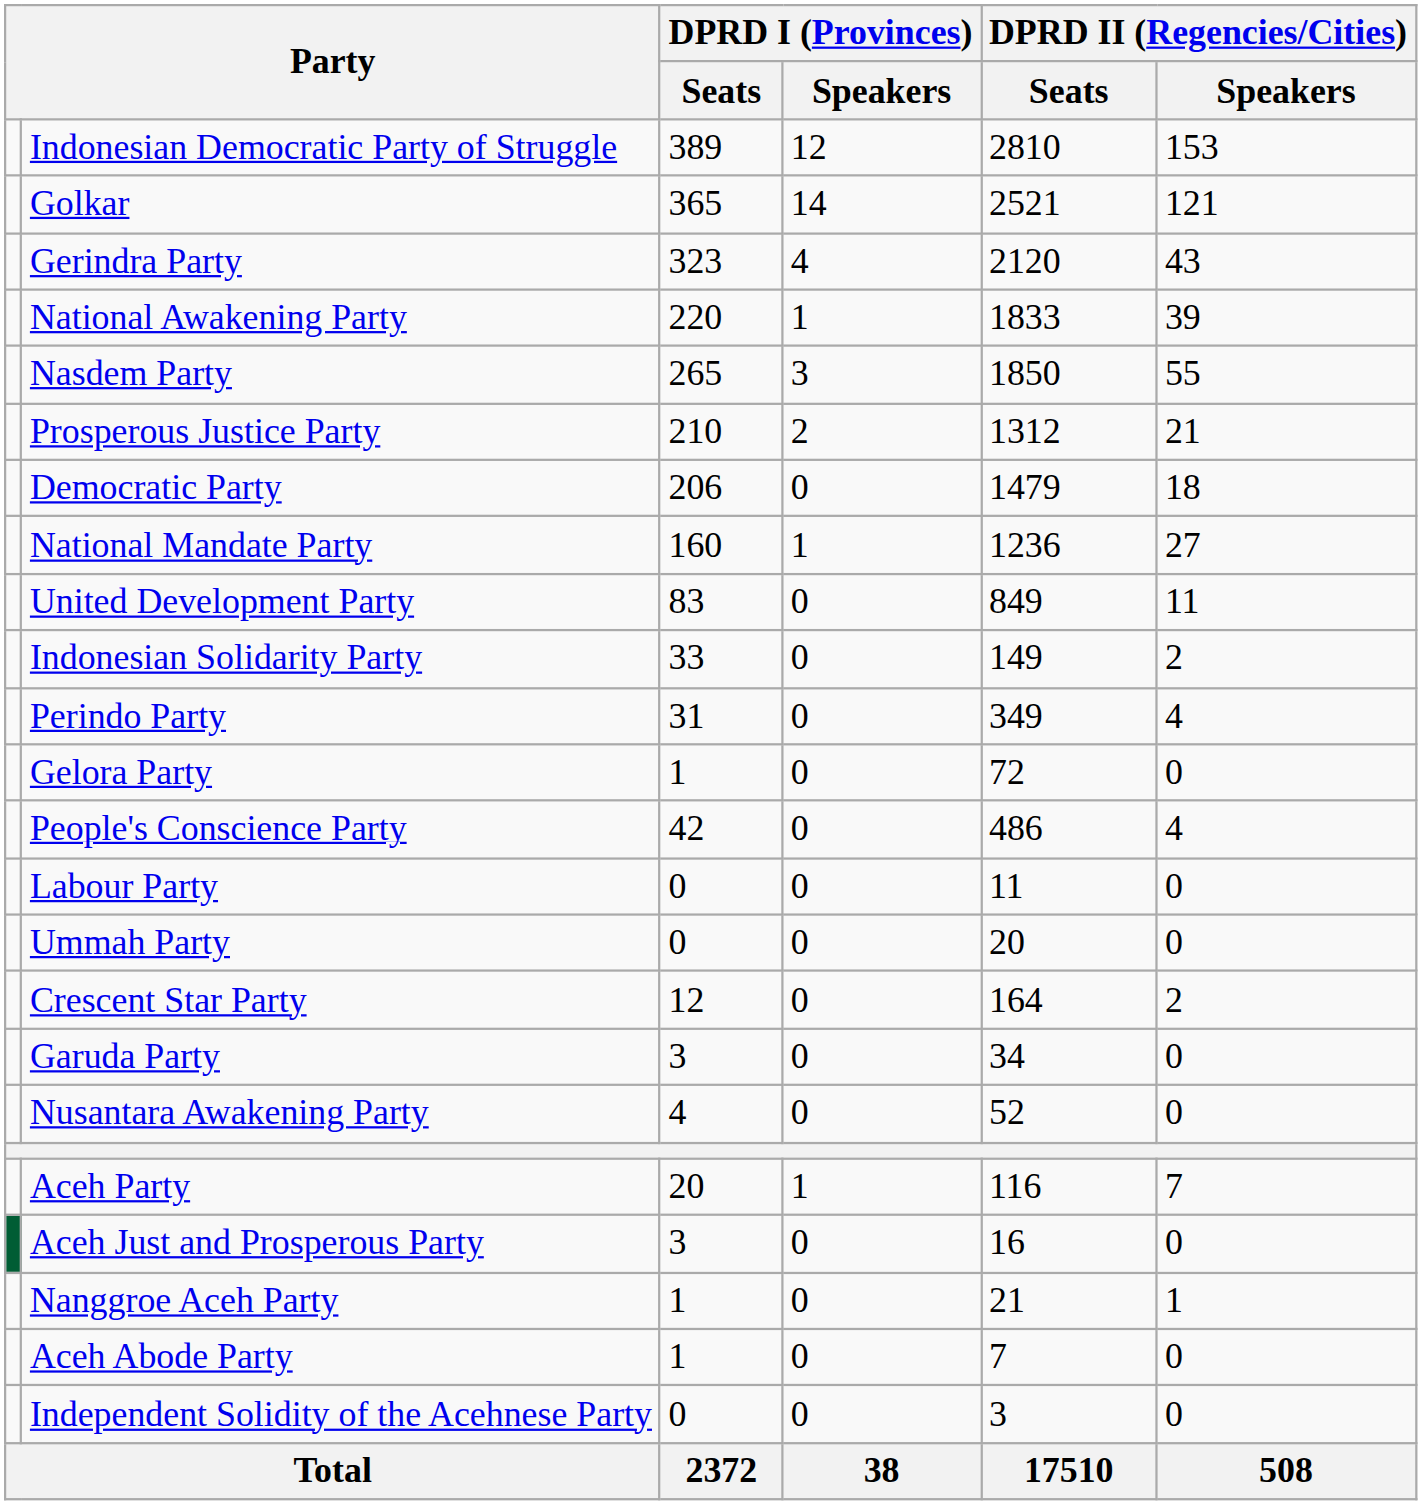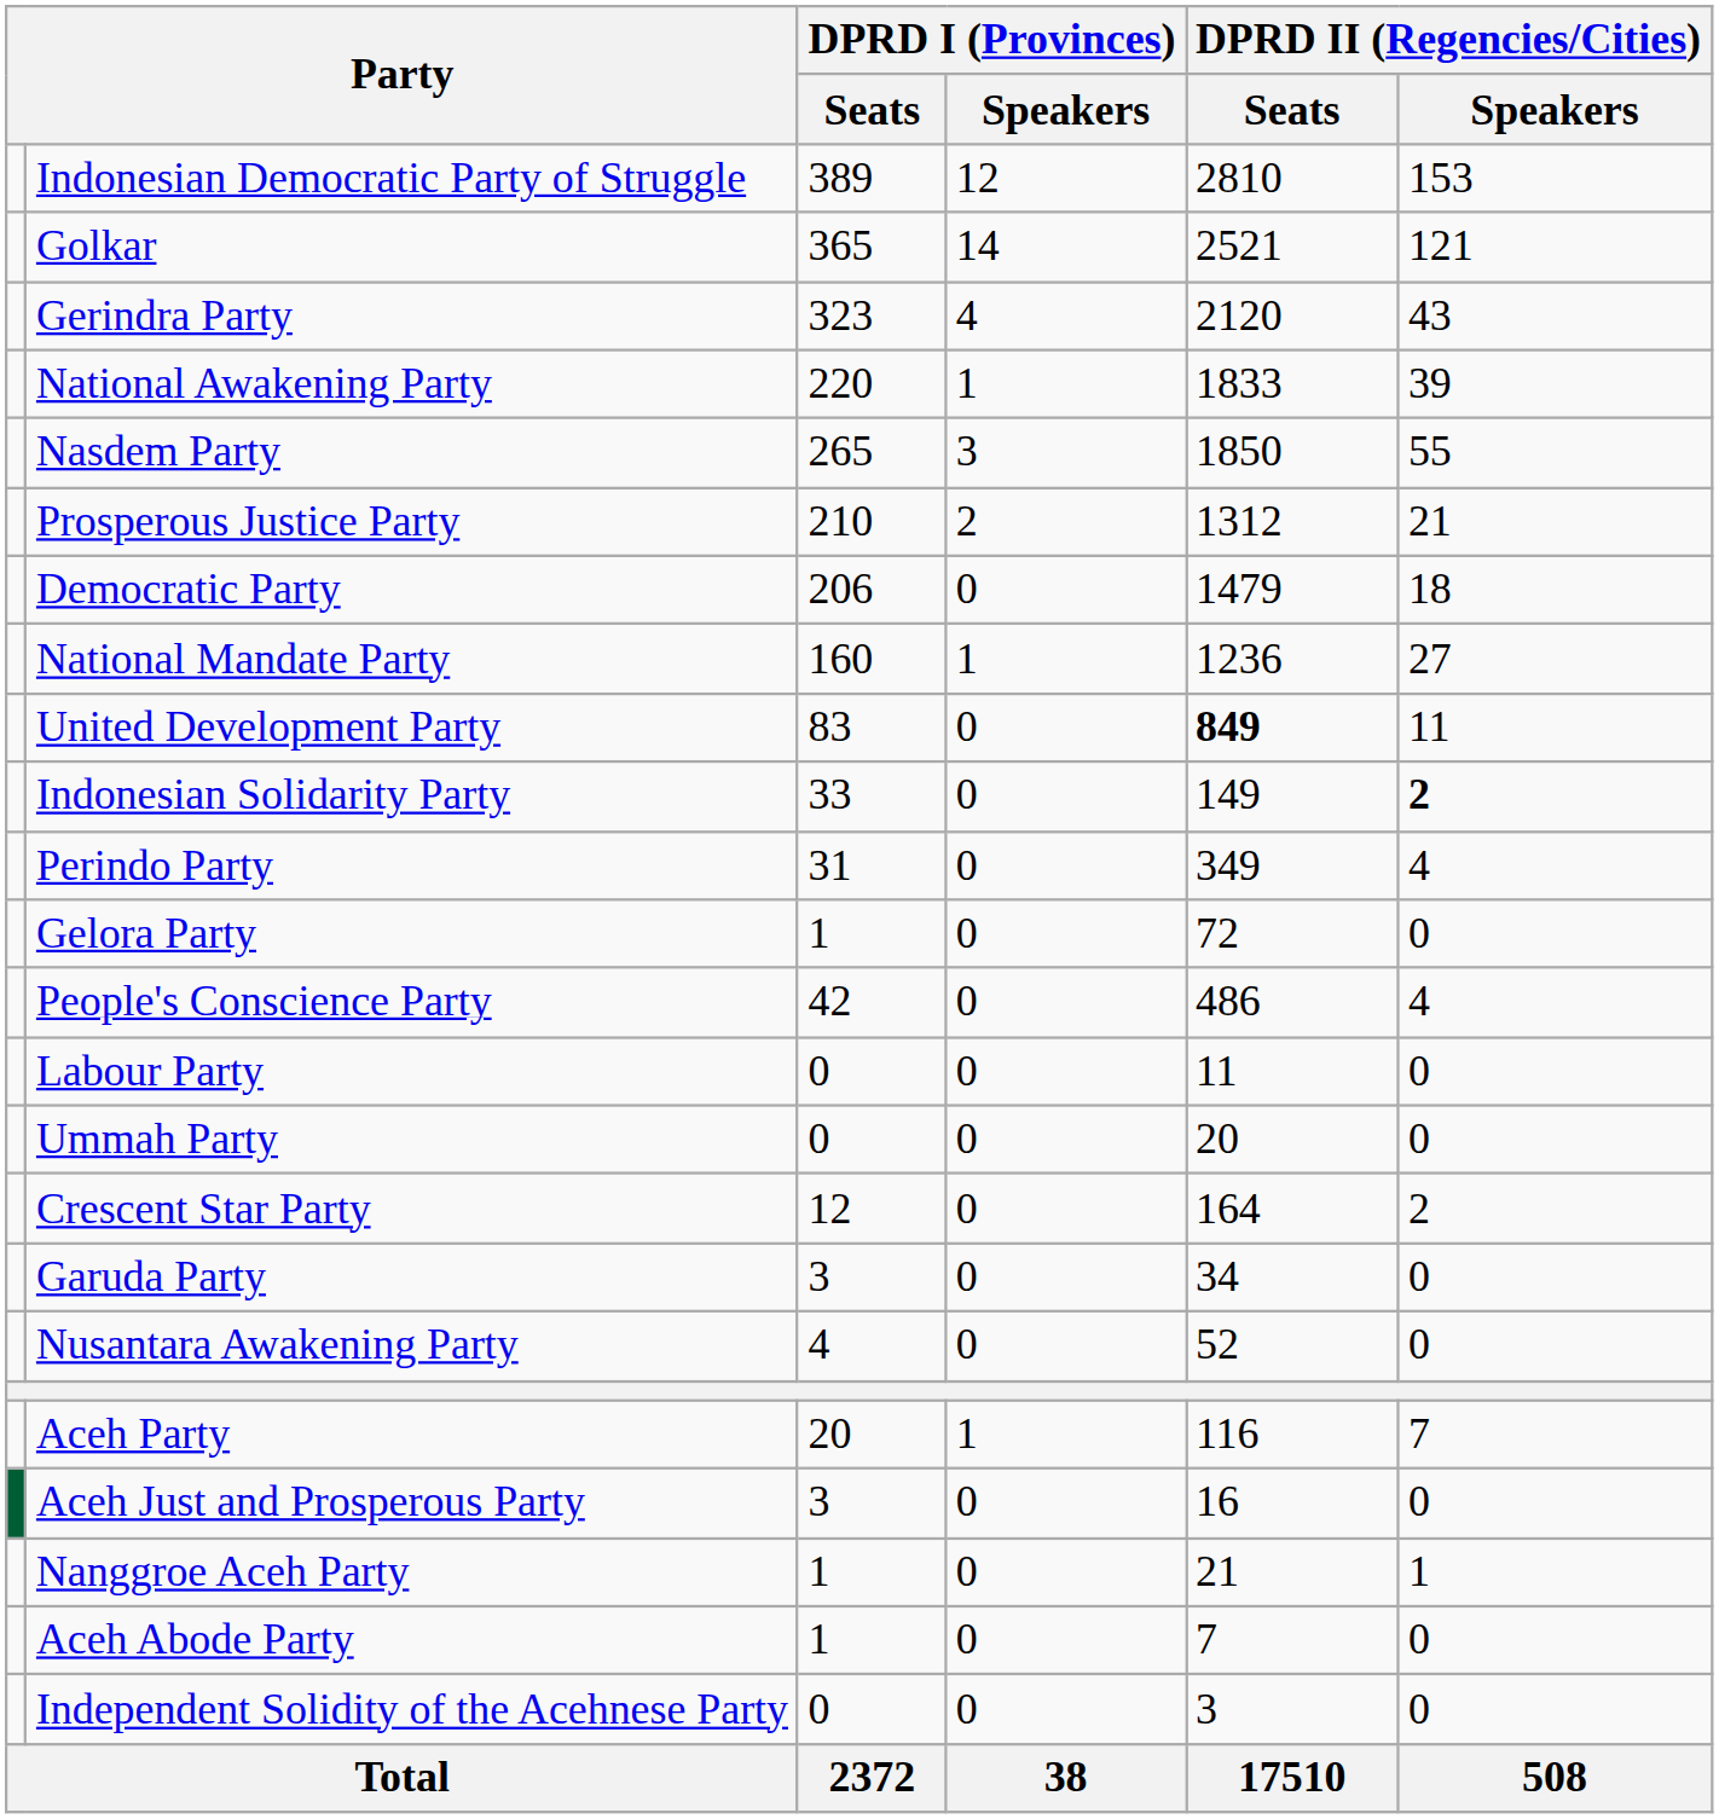 <table class="wikitable sortable">
 <tr>
 <th rowspan=2 colspan=2>Party</th>
 <th colspan=2>DPRD I (<a href='#'>Provinces</a>)</th>
 <th colspan=2>DPRD II (<a href='#'>Regencies/Cities</a>)</th>
 </tr>
 <tr>
 <th>Seats</th>
 <th>Speakers</th>
 <th>Seats</th>
 <th>Speakers</th>
 </tr>
 <tr>
 <td style="background-color: "></td>
 <td><a href='#'>Indonesian Democratic Party of Struggle</a></td>
 <td>389</td>
 <td>12</td>
 <td>2810</td>
 <td>153</td>
 </tr>
 <tr>
 <td style="background-color: "></td>
 <td><a href='#'>Golkar</a></td>
 <td>365</td>
 <td>14</td>
 <td>2521</td>
 <td>121</td>
 </tr>
 <tr>
 <td style="background-color: "></td>
 <td><a href='#'>Gerindra Party</a></td>
 <td>323</td>
 <td>4</td>
 <td>2120</td>
 <td>43</td>
 </tr>
 <tr>
 <td style="background-color: "></td>
 <td><a href='#'>National Awakening Party</a></td>
 <td>220</td>
 <td>1</td>
 <td>1833</td>
 <td>39</td>
 </tr>
 <tr>
 <td style="background-color: "></td>
 <td><a href='#'>Nasdem Party</a></td>
 <td>265</td>
 <td>3</td>
 <td>1850</td>
 <td>55</td>
 </tr>
 <tr>
 <td style="background-color: "></td>
 <td><a href='#'>Prosperous Justice Party</a></td>
 <td>210</td>
 <td>2</td>
 <td>1312</td>
 <td>21</td>
 </tr>
 <tr>
 <td style="background-color: "></td>
 <td><a href='#'>Democratic Party</a></td>
 <td>206</td>
 <td>0</td>
 <td>1479</td>
 <td>18</td>
 </tr>
 <tr>
 <td style="background-color: "></td>
 <td><a href='#'>National Mandate Party</a></td>
 <td>160</td>
 <td>1</td>
 <td>1236</td>
 <td>27</td>
 </tr>
 <tr>
 <td style="background-color: "></td>
 <td><a href='#'>United Development Party</a></td>
 <td>83</td>
 <td>0</td>
-<td>849</td>
+<td><strong>849</strong></td>
 <td>11</td>
 </tr>
 <tr>
 <td style="background-color: "></td>
 <td><a href='#'>Indonesian Solidarity Party</a></td>
 <td>33</td>
 <td>0</td>
 <td>149</td>
-<td>2</td>
+<td><strong>2</strong></td>
 </tr>
 <tr>
 <td style="background-color: "></td>
 <td><a href='#'>Perindo Party</a></td>
 <td>31</td>
 <td>0</td>
 <td>349</td>
 <td>4</td>
 </tr>
 <tr>
 <td style="background-color: "></td>
 <td><a href='#'>Gelora Party</a></td>
 <td>1</td>
 <td>0</td>
 <td>72</td>
 <td>0</td>
 </tr>
 <tr>
 <td style="background-color: "></td>
 <td><a href='#'>People's Conscience Party</a></td>
 <td>42</td>
 <td>0</td>
 <td>486</td>
 <td>4</td>
 </tr>
 <tr>
 <td style="background-color: "></td>
 <td><a href='#'>Labour Party</a></td>
 <td>0</td>
 <td>0</td>
 <td>11</td>
 <td>0</td>
 </tr>
 <tr>
 <td style="background-color: "></td>
 <td><a href='#'>Ummah Party</a></td>
 <td>0</td>
 <td>0</td>
 <td>20</td>
 <td>0</td>
 </tr>
 <tr>
 <td style="background-color: "></td>
 <td><a href='#'>Crescent Star Party</a></td>
 <td>12</td>
 <td>0</td>
 <td>164</td>
 <td>2</td>
 </tr>
 <tr>
 <td style="background-color: "></td>
 <td><a href='#'>Garuda Party</a></td>
 <td>3</td>
 <td>0</td>
 <td>34</td>
 <td>0</td>
 </tr>
 <tr>
 <td style="background-color: "></td>
 <td><a href='#'>Nusantara Awakening Party</a></td>
 <td>4</td>
 <td>0</td>
 <td>52</td>
 <td>0</td>
 </tr>
 <tr>
 <th colspan=9></th>
 </tr>
 <tr>
 <td style="background-color: "></td>
 <td><a href='#'>Aceh Party</a></td>
 <td>20</td>
 <td>1</td>
 <td>116</td>
 <td>7</td>
 </tr>
 <tr>
 <td style="background-color:#005D34"></td>
 <td><a href='#'>Aceh Just and Prosperous Party</a></td>
 <td>3</td>
 <td>0</td>
 <td>16</td>
 <td>0</td>
 </tr>
 <tr>
 <td style="background-color: "></td>
 <td><a href='#'>Nanggroe Aceh Party</a></td>
 <td>1</td>
 <td>0</td>
 <td>21</td>
 <td>1</td>
 </tr>
 <tr>
 <td style="background-color: "></td>
 <td><a href='#'>Aceh Abode Party</a></td>
 <td>1</td>
 <td>0</td>
 <td>7</td>
 <td>0</td>
 </tr>
 <tr>
 <td style="background-color: "></td>
 <td><a href='#'>Independent Solidity of the Acehnese Party</a></td>
 <td>0</td>
 <td>0</td>
 <td>3</td>
 <td>0</td>
 </tr>
 <tr>
 <th colspan=2><strong>Total</strong></th>
 <th>2372</th>
 <th>38</th>
 <th>17510</th>
 <th>508</th>
 </tr>
 </table>
